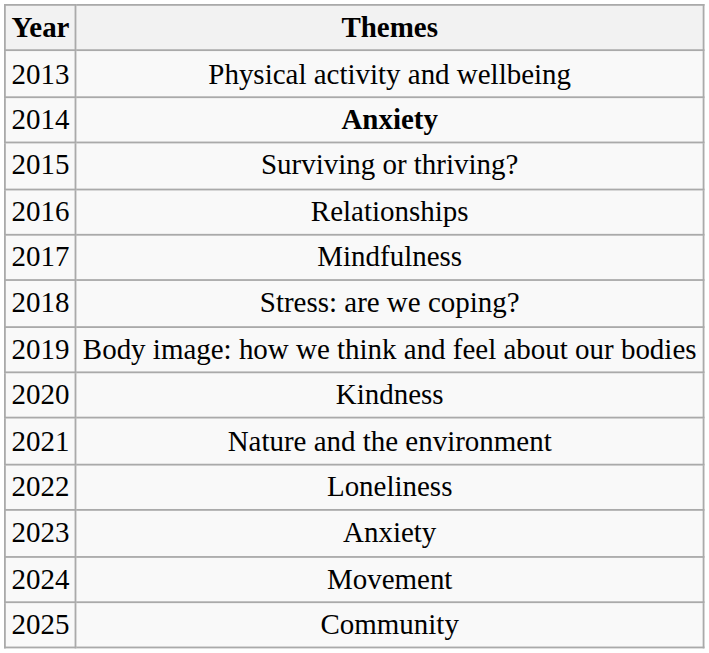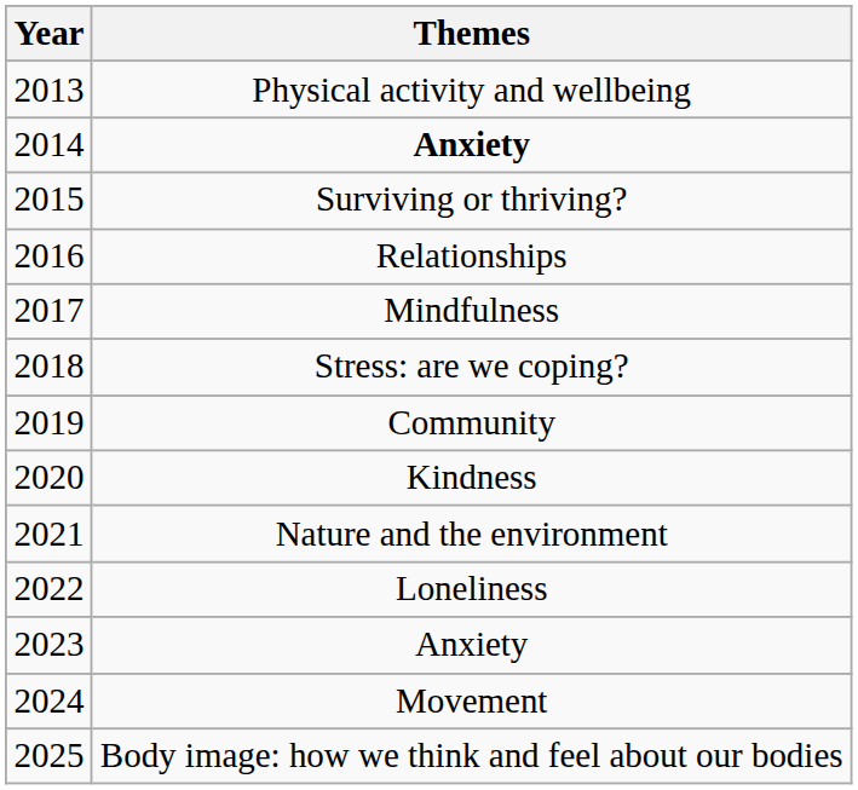 <table class="wikitable">
 <tr>
 <th>Year</th>
 <th>Themes</th>
 </tr>
 <tr>
 <td style=text-align:center>2013</td>
 <td style=text-align:center>Physical activity and wellbeing</td>
 </tr>
 <tr>
 <td style=text-align:center>2014</td>
 <td style=text-align:center><strong>Anxiety</strong></td>
 </tr>
 <tr>
 <td style=text-align:center>2015</td>
 <td style=text-align:center>Surviving or thriving?</td>
 </tr>
 <tr>
 <td style=text-align:center>2016</td>
 <td style=text-align:center>Relationships</td>
 </tr>
 <tr>
 <td style=text-align:center>2017</td>
 <td style=text-align:center>Mindfulness</td>
 </tr>
 <tr>
 <td style=text-align:center>2018</td>
 <td style=text-align:center>Stress: are we coping?</td>
 </tr>
 <tr>
 <td style=text-align:center>2019</td>
-<td style=text-align:center>Body image: how we think and feel about our bodies</td>
+<td style=text-align:center>Community</td>
 </tr>
 <tr>
 <td style=text-align:center>2020</td>
 <td style=text-align:center>Kindness</td>
 </tr>
 <tr>
 <td style=text-align:center>2021</td>
 <td style=text-align:center>Nature and the environment</td>
 </tr>
 <tr>
 <td style=text-align:center>2022</td>
 <td style=text-align:center>Loneliness</td>
 </tr>
 <tr>
 <td style=text-align:center>2023</td>
 <td style=text-align:center>Anxiety</td>
 </tr>
 <tr>
 <td style=text-align:center>2024</td>
 <td style=text-align:center>Movement</td>
 </tr>
 <tr>
 <td style=text-align:center>2025</td>
-<td style=text-align:center>Community</td>
+<td style=text-align:center>Body image: how we think and feel about our bodies</td>
 </tr>
 </table>
